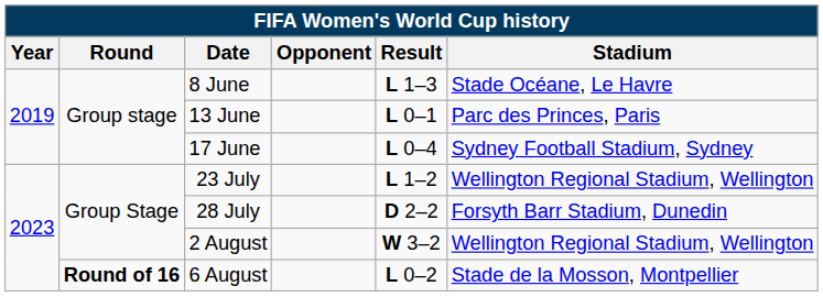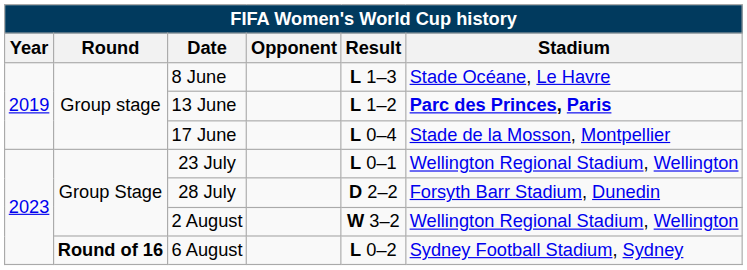 <table class="wikitable" style="text-align: center;font-size:100%;">
 <tr>
 <th colspan=6 style="background: #013A5E; color: #FFFFFF;">FIFA Women's World Cup history</th>
 </tr>
 <tr>
 <th>Year</th>
 <th>Round</th>
 <th>Date</th>
 <th>Opponent</th>
 <th>Result</th>
 <th>Stadium</th>
 </tr>
 <tr>
 <td rowspan=3> <a href='#'>2019</a></td>
 <td rowspan=3>Group stage</td>
 <td align="left">8 June</td>
 <td align="left"></td>
 <td><strong>L</strong> 1–3</td>
 <td align="left"><a href='#'>Stade Océane</a>, <a href='#'>Le Havre</a></td>
 </tr>
 <tr>
 <td align="left">13 June</td>
 <td align="left"></td>
-<td><strong>L</strong> 0–1</td>
-<td align="left"><a href='#'>Parc des Princes</a>, <a href='#'>Paris</a></td>
+<td><strong>L</strong> 1–2</td>
+<td align="left"><strong><a href='#'>Parc des Princes</a>, <a href='#'>Paris</a></strong></td>
 </tr>
 <tr>
 <td align="left">17 June</td>
 <td align="left"></td>
 <td><strong>L</strong> 0–4</td>
-<td align="left"><a href='#'>Sydney Football Stadium</a>, <a href='#'>Sydney</a></td>
+<td align="left"><a href='#'>Stade de la Mosson</a>, <a href='#'>Montpellier</a></td>
 </tr>
 <tr>
 <td rowspan="4"> <a href='#'>2023</a></td>
 <td rowspan="3">Group Stage</td>
 <td>23 July</td>
 <td align="left"></td>
-<td><strong>L</strong> 1–2</td>
+<td><strong>L</strong> 0–1</td>
 <td align="left"><a href='#'>Wellington Regional Stadium</a>, <a href='#'>Wellington</a></td>
 </tr>
 <tr>
 <td>28 July</td>
 <td align="left"></td>
 <td><strong>D</strong> 2–2</td>
 <td align="left"><a href='#'>Forsyth Barr Stadium</a>, <a href='#'>Dunedin</a></td>
 </tr>
 <tr>
 <td>2 August</td>
 <td align="left"></td>
 <td><strong>W</strong> 3–2</td>
 <td align="left"><a href='#'>Wellington Regional Stadium</a>, <a href='#'>Wellington</a></td>
 </tr>
 <tr>
 <td><strong>Round of 16</strong></td>
 <td>6 August</td>
 <td align="left"></td>
 <td><strong>L</strong> 0–2</td>
-<td align="left"><a href='#'>Stade de la Mosson</a>, <a href='#'>Montpellier</a></td>
+<td align="left"><a href='#'>Sydney Football Stadium</a>, <a href='#'>Sydney</a></td>
 </tr>
 </table>
